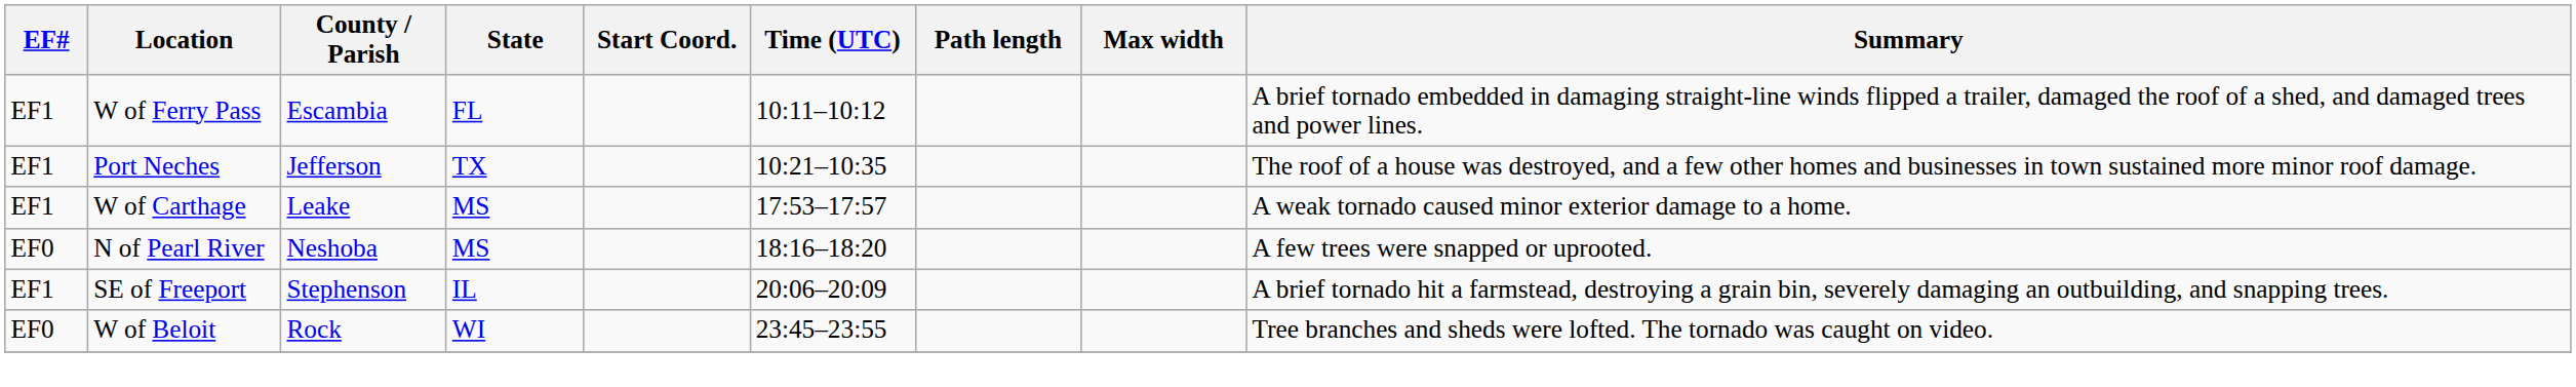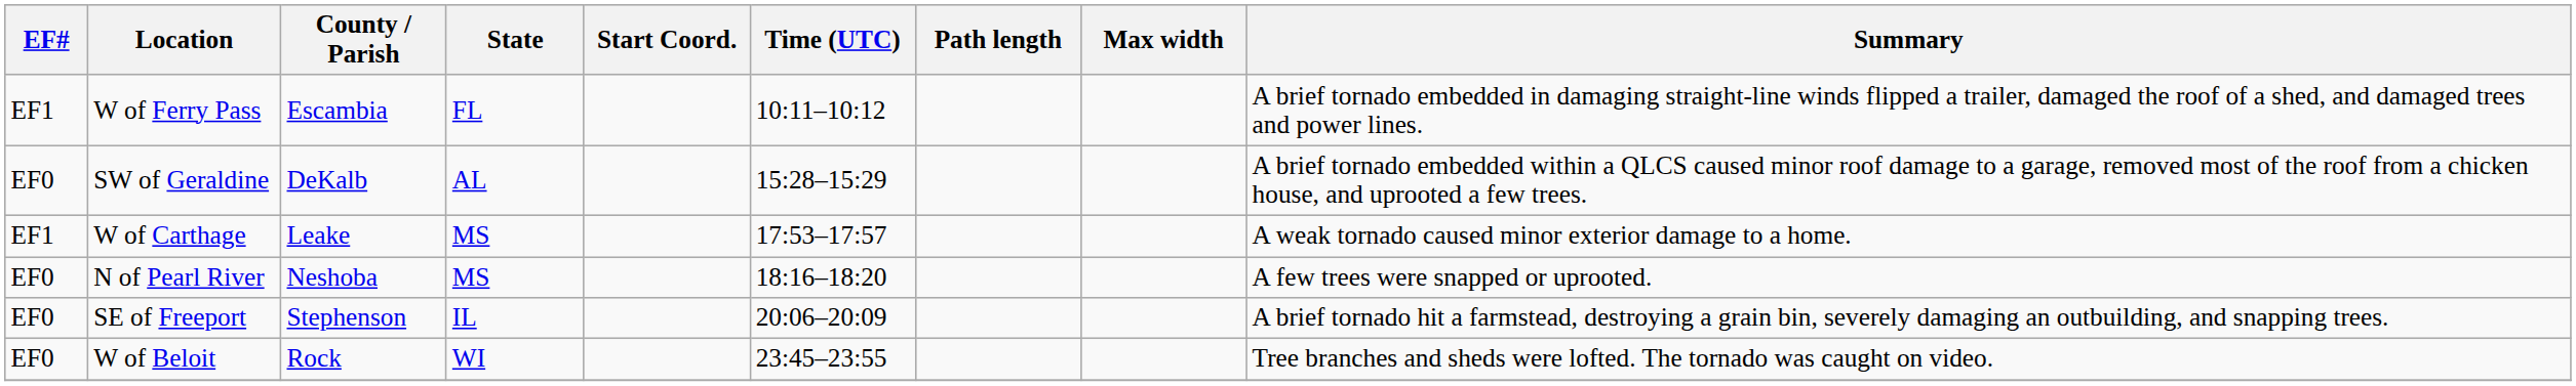 <table class="wikitable sortable" style="width:100%;">
 <tr>
 <th scope="col"  style="width:3%; text-align:center;"><a href='#'>EF#</a></th>
 <th scope="col"  style="width:7%; text-align:center;" class="unsortable">Location</th>
 <th scope="col"  style="width:6%; text-align:center;" class="unsortable">County / Parish</th>
 <th scope="col"  style="width:5%; text-align:center;">State</th>
 <th scope="col"  style="width:6%; text-align:center;">Start Coord.</th>
 <th scope="col"  style="width:6%; text-align:center;">Time (<a href='#'>UTC</a>)</th>
 <th scope="col"  style="width:6%; text-align:center;">Path length</th>
 <th scope="col"  style="width:6%; text-align:center;">Max width</th>
 <th scope="col" class="unsortable" style="width:48%; text-align:center;">Summary</th>
 </tr>
 <tr>
 <td>EF1</td>
 <td>W of <a href='#'>Ferry Pass</a></td>
 <td><a href='#'>Escambia</a></td>
 <td><a href='#'>FL</a></td>
 <td></td>
 <td>10:11–10:12</td>
 <td></td>
 <td></td>
 <td>A brief tornado embedded in damaging straight-line winds flipped a trailer, damaged the roof of a shed, and damaged trees and power lines.</td>
 </tr>
 <tr>
-<td>EF1</td>
-<td><a href='#'>Port Neches</a></td>
-<td><a href='#'>Jefferson</a></td>
-<td><a href='#'>TX</a></td>
+<td>EF0</td>
+<td>SW of <a href='#'>Geraldine</a></td>
+<td><a href='#'>DeKalb</a></td>
+<td><a href='#'>AL</a></td>
 <td></td>
-<td>10:21–10:35</td>
+<td>15:28–15:29</td>
 <td></td>
 <td></td>
-<td>The roof of a house was destroyed, and a few other homes and businesses in town sustained more minor roof damage.</td>
+<td>A brief tornado embedded within a QLCS caused minor roof damage to a garage, removed most of the roof from a chicken house, and uprooted a few trees.</td>
 </tr>
 <tr>
 <td>EF1</td>
 <td>W of <a href='#'>Carthage</a></td>
 <td><a href='#'>Leake</a></td>
 <td><a href='#'>MS</a></td>
 <td></td>
 <td>17:53–17:57</td>
 <td></td>
 <td></td>
 <td>A weak tornado caused minor exterior damage to a home.</td>
 </tr>
 <tr>
 <td>EF0</td>
 <td>N of <a href='#'>Pearl River</a></td>
 <td><a href='#'>Neshoba</a></td>
 <td><a href='#'>MS</a></td>
 <td></td>
 <td>18:16–18:20</td>
 <td></td>
 <td></td>
 <td>A few trees were snapped or uprooted.</td>
 </tr>
 <tr>
-<td>EF1</td>
+<td>EF0</td>
 <td>SE of <a href='#'>Freeport</a></td>
 <td><a href='#'>Stephenson</a></td>
 <td><a href='#'>IL</a></td>
 <td></td>
 <td>20:06–20:09</td>
 <td></td>
 <td></td>
 <td>A brief tornado hit a farmstead, destroying a grain bin, severely damaging an outbuilding, and snapping trees.</td>
 </tr>
 <tr>
 <td>EF0</td>
 <td>W of <a href='#'>Beloit</a></td>
 <td><a href='#'>Rock</a></td>
 <td><a href='#'>WI</a></td>
 <td></td>
 <td>23:45–23:55</td>
 <td></td>
 <td></td>
 <td>Tree branches and sheds were lofted. The tornado was caught on video.</td>
 </tr>
 <tr>
 </tr>
 </table>
